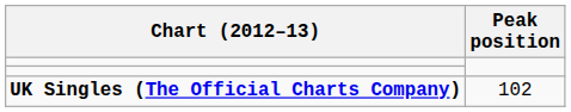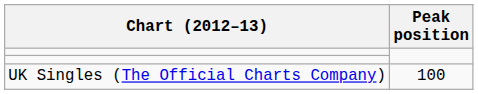 <table class="wikitable sortable">
 <tr>
 <th align="center">Chart (2012–13)</th>
 <th align="center">Peak<br>position</th>
 </tr>
 <tr>
 <td></td>
 </tr>
 <tr>
 <td></td>
 </tr>
 <tr>
-<td><strong>UK Singles (<a href='#'>The Official Charts Company</a>)</strong></td>
-<td style="text-align:center;">102</td>
+<td>UK Singles (<a href='#'>The Official Charts Company</a>)</td>
+<td style="text-align:center;">100</td>
 </tr>
 </table>
